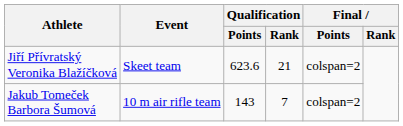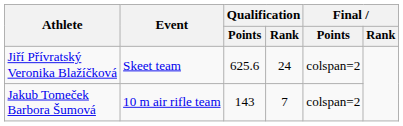 <table class="wikitable" style="text-align:center; font-size:90%">
 <tr>
 <th rowspan="2">Athlete</th>
 <th rowspan="2">Event</th>
 <th colspan=2>Qualification</th>
 <th colspan=2>Final / </th>
 </tr>
 <tr style="font-size:95%">
 <th>Points</th>
 <th>Rank</th>
 <th>Points</th>
 <th>Rank</th>
 </tr>
 <tr>
 <td align=left><a href='#'>Jiří Přívratský</a><br><a href='#'>Veronika Blažíčková</a></td>
 <td align=left><a href='#'>Skeet team</a></td>
-<td>623.6</td>
-<td>21</td>
+<td>625.6</td>
+<td>24</td>
 <td>colspan=2</td>
 </tr>
 <tr>
 <td align=left><a href='#'>Jakub Tomeček</a><br><a href='#'>Barbora Šumová</a></td>
 <td align=left><a href='#'>10 m air rifle team</a></td>
 <td>143</td>
 <td>7</td>
 <td>colspan=2</td>
 </tr>
 </table>
